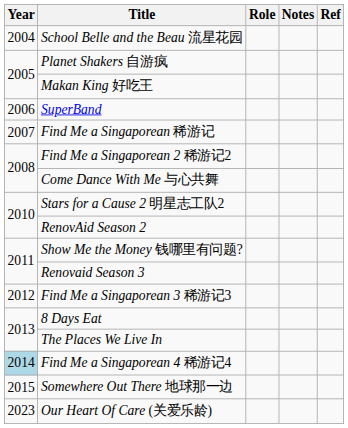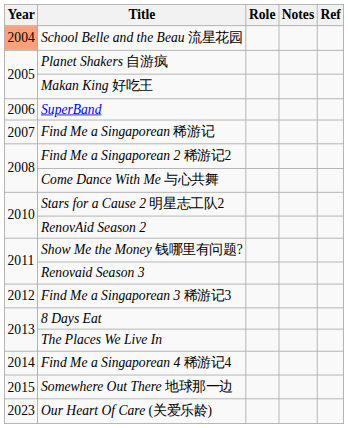 <table class="wikitable sortable">
 <tr>
 <th>Year</th>
 <th>Title</th>
 <th>Role</th>
 <th class="unsortable">Notes</th>
 <th class="unsortable">Ref</th>
 </tr>
 <tr>
-<td>2004</td>
+<td style="background: lightsalmon;">2004</td>
 <td><em>School Belle and the Beau</em> 流星花园</td>
 <td></td>
 <td></td>
 <td></td>
 </tr>
 <tr>
 <td rowspan=2>2005</td>
 <td><em>Planet Shakers</em> 自游疯</td>
 <td></td>
 <td></td>
 <td></td>
 </tr>
 <tr>
 <td><em>Makan King</em> 好吃王</td>
 <td></td>
 <td></td>
 <td></td>
 </tr>
 <tr>
 <td>2006</td>
 <td><em><a href='#'>SuperBand</a></em></td>
 <td></td>
 <td></td>
 <td></td>
 </tr>
 <tr>
 <td>2007</td>
 <td><em>Find Me a Singaporean</em>  稀游记</td>
 <td></td>
 <td></td>
 <td></td>
 </tr>
 <tr>
 <td rowspan=2>2008</td>
 <td><em>Find Me a Singaporean 2</em> 稀游记2</td>
 <td></td>
 <td></td>
 <td></td>
 </tr>
 <tr>
 <td><em>Come Dance With Me</em> 与心共舞</td>
 <td></td>
 <td></td>
 <td></td>
 </tr>
 <tr>
 <td rowspan=2>2010</td>
 <td><em>Stars for a Cause 2</em> 明星志工队2</td>
 <td></td>
 <td></td>
 <td></td>
 </tr>
 <tr>
 <td><em>RenovAid Season 2</em></td>
 <td></td>
 <td></td>
 <td></td>
 </tr>
 <tr>
 <td rowspan=2>2011</td>
 <td><em>Show Me the Money</em> 钱哪里有问题?</td>
 <td></td>
 <td></td>
 <td></td>
 </tr>
 <tr>
 <td><em>Renovaid Season 3</em></td>
 <td></td>
 <td></td>
 <td></td>
 </tr>
 <tr>
 <td>2012</td>
 <td><em>Find Me a Singaporean 3</em> 稀游记3</td>
 <td></td>
 <td></td>
 <td></td>
 </tr>
 <tr>
 <td rowspan=2>2013</td>
 <td><em>8 Days Eat</em></td>
 <td></td>
 <td></td>
 <td></td>
 </tr>
 <tr>
 <td><em>The Places We Live In</em></td>
 <td></td>
 <td></td>
 <td></td>
 </tr>
 <tr>
-<td style="background: lightblue;">2014</td>
+<td>2014</td>
 <td><em>Find Me a Singaporean 4</em> 稀游记4</td>
 <td></td>
 <td></td>
 <td></td>
 </tr>
 <tr>
 <td>2015</td>
 <td><em>Somewhere Out There</em> 地球那一边</td>
 <td></td>
 <td></td>
 <td></td>
 </tr>
 <tr>
 <td>2023</td>
 <td><em>Our Heart Of Care</em> (关爱乐龄)</td>
 <td></td>
 <td></td>
 <td></td>
 </tr>
 </table>
